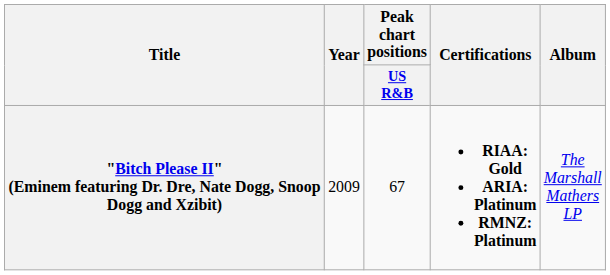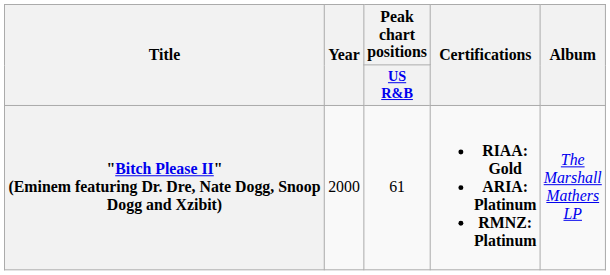 <table class="wikitable plainrowheaders" style="text-align:center;">
 <tr>
 <th scope="col" rowspan="2" style="width:20em;">Title</th>
 <th scope="col" rowspan="2">Year</th>
 <th scope="col" colspan="1">Peak chart positions</th>
 <th scope="col" rowspan="2">Certifications</th>
 <th scope="col" rowspan="2">Album</th>
 </tr>
 <tr>
 <th style="width:3em;font-size:90%;"><a href='#'>US<br>R&B</a><br></th>
 </tr>
 <tr>
 <th scope="row">"<a href='#'>Bitch Please II</a>"<br><span>(Eminem featuring Dr. Dre, Nate Dogg, Snoop Dogg and Xzibit)</span></th>
-<td>2009</td>
-<td>67</td>
+<td>2000</td>
+<td>61</td>
 <td><strong><br><ul><li>RIAA: Gold</li><li>ARIA: Platinum</li><li>RMNZ: Platinum</li></ul></strong></td>
 <td><em><a href='#'>The Marshall Mathers LP</a></em></td>
 </tr>
 </table>
